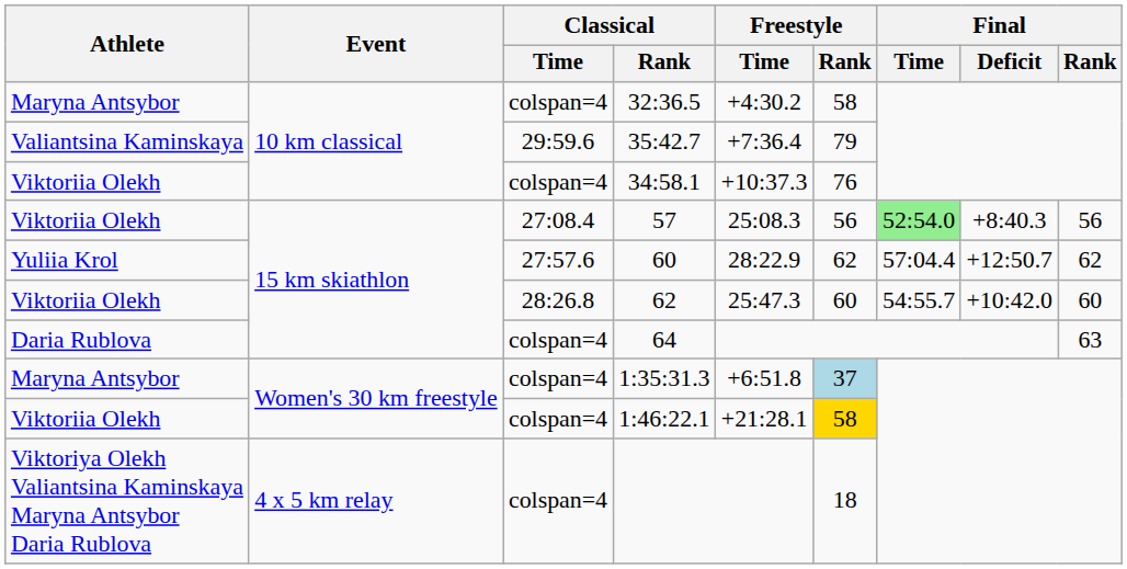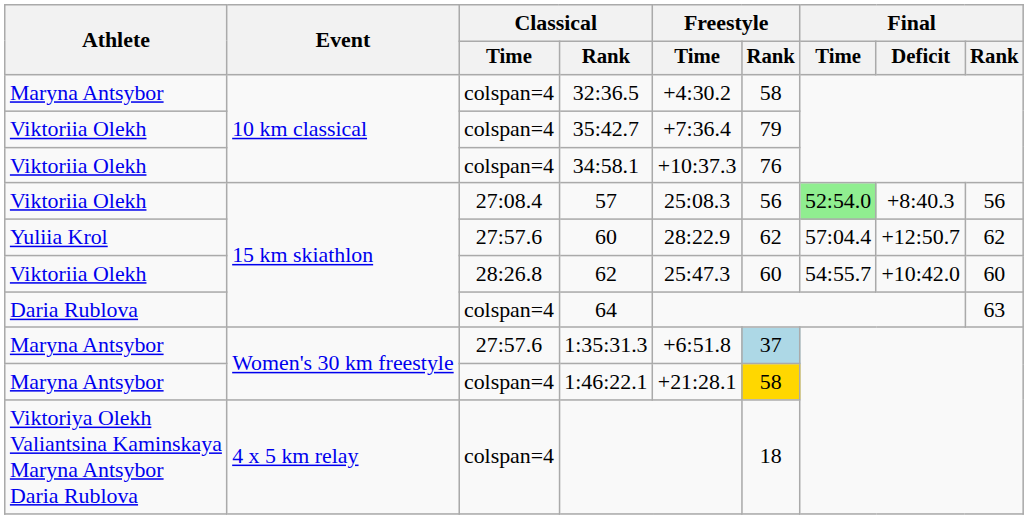 <table class="wikitable" style="font-size:90%">
 <tr>
 <th rowspan=2>Athlete</th>
 <th rowspan=2>Event</th>
 <th colspan=2>Classical</th>
 <th colspan=2>Freestyle</th>
 <th colspan=3>Final</th>
 </tr>
 <tr style="font-size: 95%">
 <th>Time</th>
 <th>Rank</th>
 <th>Time</th>
 <th>Rank</th>
 <th>Time</th>
 <th>Deficit</th>
 <th>Rank</th>
 </tr>
 <tr align=center>
 <td align=left><a href='#'>Maryna Antsybor</a></td>
 <td align=left rowspan=3><a href='#'>10 km classical</a></td>
 <td>colspan=4</td>
 <td>32:36.5</td>
 <td>+4:30.2</td>
 <td>58</td>
 </tr>
 <tr align=center>
-<td align=left><a href='#'>Valiantsina Kaminskaya</a></td>
-<td>29:59.6</td>
+<td align=left><a href='#'>Viktoriia Olekh</a></td>
+<td>colspan=4</td>
 <td>35:42.7</td>
 <td>+7:36.4</td>
 <td>79</td>
 </tr>
 <tr align=center>
 <td align=left><a href='#'>Viktoriia Olekh</a></td>
 <td>colspan=4</td>
 <td>34:58.1</td>
 <td>+10:37.3</td>
 <td>76</td>
 </tr>
 <tr align=center>
 <td align=left><a href='#'>Viktoriia Olekh</a></td>
 <td align=left rowspan=4><a href='#'>15 km skiathlon</a></td>
 <td>27:08.4</td>
 <td>57</td>
 <td>25:08.3</td>
 <td>56</td>
 <td style="background: lightgreen;">52:54.0</td>
 <td>+8:40.3</td>
 <td>56</td>
 </tr>
 <tr align=center>
 <td align=left><a href='#'>Yuliia Krol</a></td>
 <td>27:57.6</td>
 <td>60</td>
 <td>28:22.9</td>
 <td>62</td>
 <td>57:04.4</td>
 <td>+12:50.7</td>
 <td>62</td>
 </tr>
 <tr align=center>
 <td align=left><a href='#'>Viktoriia Olekh</a></td>
 <td>28:26.8</td>
 <td>62</td>
 <td>25:47.3</td>
 <td>60</td>
 <td>54:55.7</td>
 <td>+10:42.0</td>
 <td>60</td>
 </tr>
 <tr align=center>
 <td align=left><a href='#'>Daria Rublova</a></td>
 <td>colspan=4</td>
 <td>64</td>
 <td colspan=4></td>
 <td>63</td>
 </tr>
 <tr align=center>
 <td align=left><a href='#'>Maryna Antsybor</a></td>
 <td align=left rowspan=2><a href='#'>Women's 30 km freestyle</a></td>
-<td>colspan=4 </td>
+<td>27:57.6</td>
 <td>1:35:31.3</td>
 <td>+6:51.8</td>
 <td style="background: lightblue;">37</td>
 </tr>
 <tr align=center>
-<td align=left><a href='#'>Viktoriia Olekh</a></td>
+<td align=left><a href='#'>Maryna Antsybor</a></td>
 <td>colspan=4 </td>
 <td>1:46:22.1</td>
 <td>+21:28.1</td>
 <td style="background: gold;">58</td>
 </tr>
 <tr align=center>
 <td align=left><a href='#'>Viktoriya Olekh</a><br><a href='#'>Valiantsina Kaminskaya</a><br><a href='#'>Maryna Antsybor</a><br><a href='#'>Daria Rublova</a></td>
 <td align=left><a href='#'>4 x 5 km relay</a></td>
 <td>colspan=4 </td>
 <td colspan=2></td>
 <td>18</td>
 </tr>
 </table>
